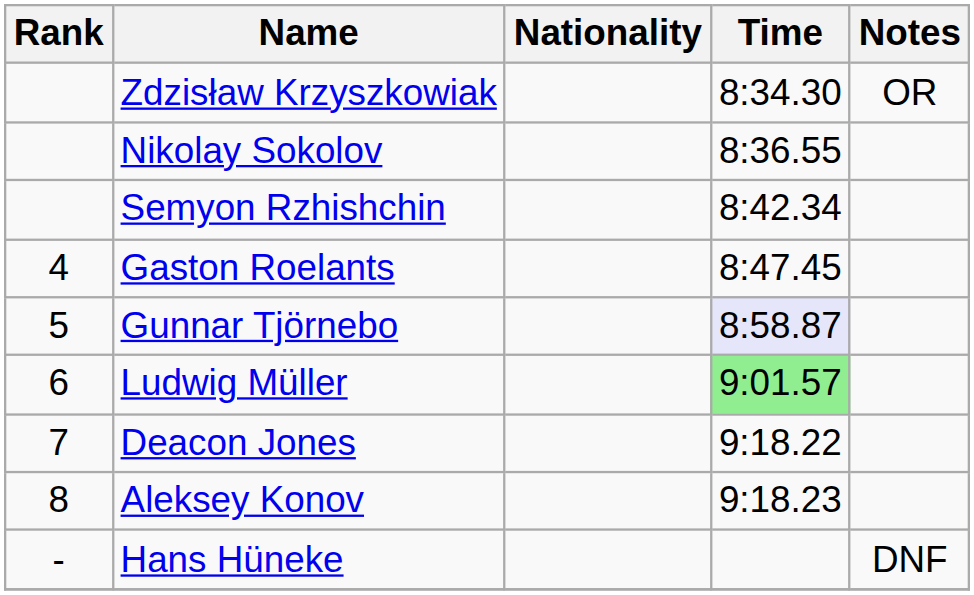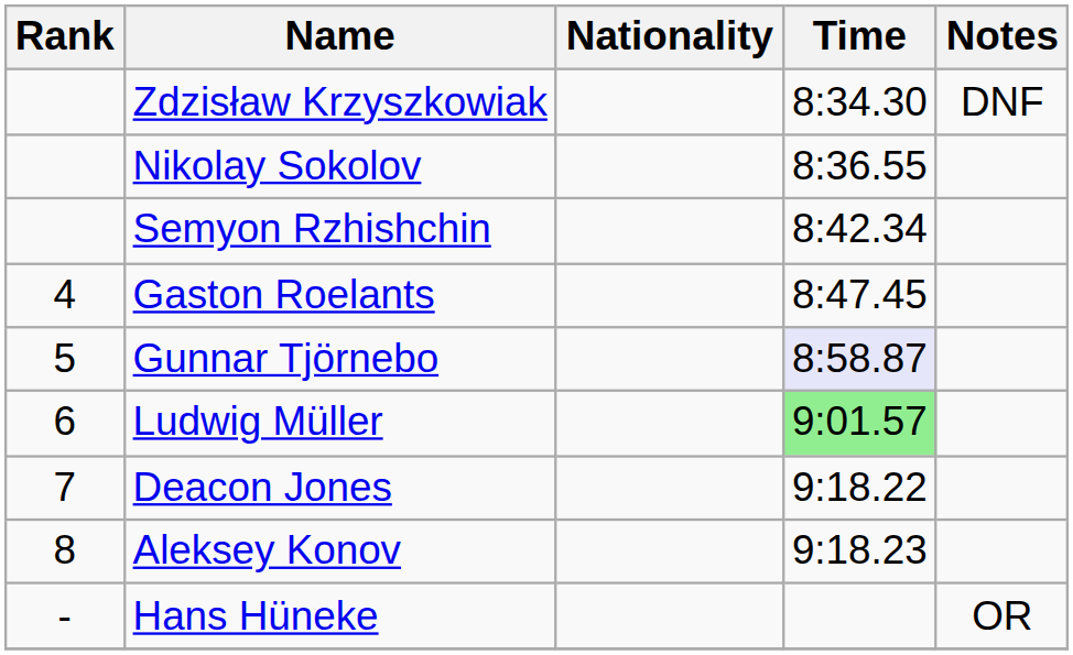 <table class="wikitable sortable" style="text-align:center">
 <tr>
 <th>Rank</th>
 <th>Name</th>
 <th>Nationality</th>
 <th>Time</th>
 <th>Notes</th>
 </tr>
 <tr>
 <td></td>
 <td align=left><a href='#'>Zdzisław Krzyszkowiak</a></td>
 <td align=left></td>
 <td>8:34.30</td>
-<td>OR</td>
+<td>DNF</td>
 </tr>
 <tr>
 <td></td>
 <td align=left><a href='#'>Nikolay Sokolov</a></td>
 <td align=left></td>
 <td>8:36.55</td>
 <td></td>
 </tr>
 <tr>
 <td></td>
 <td align=left><a href='#'>Semyon Rzhishchin</a></td>
 <td align=left></td>
 <td>8:42.34</td>
 <td></td>
 </tr>
 <tr>
 <td>4</td>
 <td align=left><a href='#'>Gaston Roelants</a></td>
 <td align=left></td>
 <td>8:47.45</td>
 <td></td>
 </tr>
 <tr>
 <td>5</td>
 <td align=left><a href='#'>Gunnar Tjörnebo</a></td>
 <td align=left></td>
 <td style="background: lavender;">8:58.87</td>
 <td></td>
 </tr>
 <tr>
 <td>6</td>
 <td align=left><a href='#'>Ludwig Müller</a></td>
 <td align=left></td>
 <td style="background: lightgreen;">9:01.57</td>
 <td></td>
 </tr>
 <tr>
 <td>7</td>
 <td align=left><a href='#'>Deacon Jones</a></td>
 <td align=left></td>
 <td>9:18.22</td>
 <td></td>
 </tr>
 <tr>
 <td>8</td>
 <td align=left><a href='#'>Aleksey Konov</a></td>
 <td align=left></td>
 <td>9:18.23</td>
 <td></td>
 </tr>
 <tr>
 <td>-</td>
 <td align=left><a href='#'>Hans Hüneke</a></td>
 <td align=left></td>
 <td></td>
-<td>DNF</td>
+<td>OR</td>
 </tr>
 <tr>
 </tr>
 </table>
